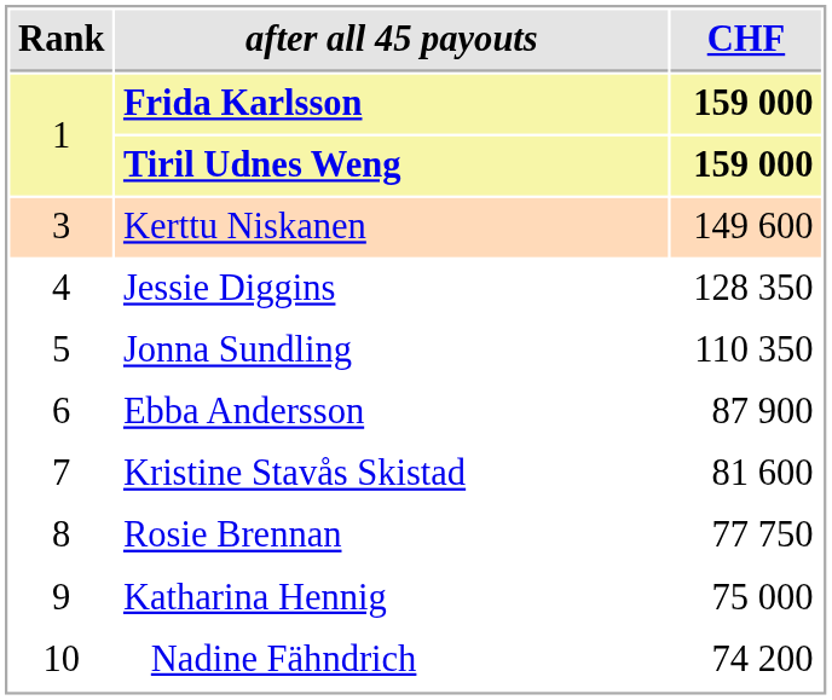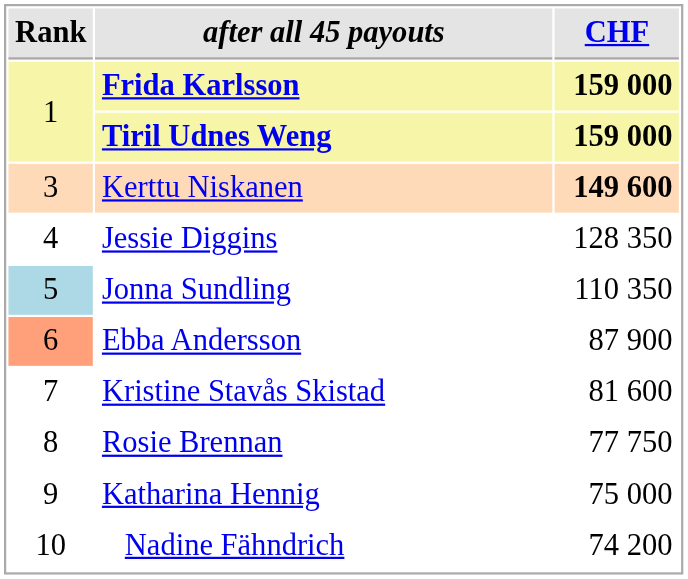 <table cellspacing="1" cellpadding="3" style="border:1px solid #AAAAAA;font-size:86%">
 <tr style="background-color: #E4E4E4;">
 <th style="border-bottom:1px solid #AAAAAA; width: 10px;">Rank</th>
 <th style="border-bottom:1px solid #AAAAAA; width: 200px;"><em>after all 45 payouts</em></th>
 <th style="border-bottom:1px solid #AAAAAA; width: 50px;"><a href='#'>CHF</a></th>
 </tr>
 <tr style="background:#f7f6a8;">
 <td align=center rowspan=2>1</td>
 <td><strong> <a href='#'>Frida Karlsson</a></strong></td>
 <td align=right><strong>159 000</strong></td>
 </tr>
 <tr style="background:#f7f6a8;">
 <td><strong> <a href='#'>Tiril Udnes Weng</a></strong></td>
 <td align=right><strong>159 000</strong></td>
 </tr>
 <tr style="background:#ffdab9;">
 <td align=center>3</td>
 <td> <a href='#'>Kerttu Niskanen</a></td>
-<td align=right>149 600</td>
+<td align=right><strong>149 600</strong></td>
 </tr>
 <tr>
 <td align=center>4</td>
 <td> <a href='#'>Jessie Diggins</a></td>
 <td align=right>128 350</td>
 </tr>
 <tr>
-<td align=center>5</td>
+<td align=center style="background: lightblue;">5</td>
 <td> <a href='#'>Jonna Sundling</a></td>
 <td align=right>110 350</td>
 </tr>
 <tr>
-<td align=center>6</td>
+<td align=center style="background: lightsalmon;">6</td>
 <td> <a href='#'>Ebba Andersson</a></td>
 <td align=right>87 900</td>
 </tr>
 <tr>
 <td align=center>7</td>
 <td> <a href='#'>Kristine Stavås Skistad</a></td>
 <td align=right>81 600</td>
 </tr>
 <tr>
 <td align=center>8</td>
 <td> <a href='#'>Rosie Brennan</a></td>
 <td align=right>77 750</td>
 </tr>
 <tr>
 <td align=center>9</td>
 <td> <a href='#'>Katharina Hennig</a></td>
 <td align=right>75 000</td>
 </tr>
 <tr>
 <td align=center>10</td>
 <td>   <a href='#'>Nadine Fähndrich</a></td>
 <td align=right>74 200</td>
 </tr>
 </table>
